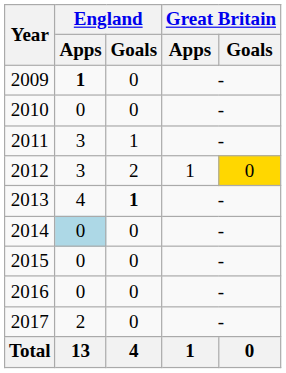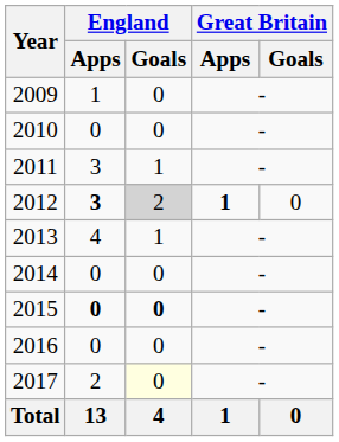 <table class="wikitable" style="text-align:center">
 <tr>
 <th rowspan=2>Year</th>
 <th colspan=2><a href='#'>England</a></th>
 <th colspan=2><a href='#'>Great Britain</a></th>
 </tr>
 <tr>
 <th>Apps</th>
 <th>Goals</th>
 <th>Apps</th>
 <th>Goals</th>
 </tr>
 <tr>
 <td>2009</td>
-<td><strong>1</strong></td>
+<td>1</td>
 <td>0</td>
 <td colspan="2">-</td>
 </tr>
 <tr>
 <td>2010</td>
 <td>0</td>
 <td>0</td>
 <td colspan="2">-</td>
 </tr>
 <tr>
 <td>2011</td>
 <td>3</td>
 <td>1</td>
 <td colspan="2">-</td>
 </tr>
 <tr>
 <td>2012</td>
-<td>3</td>
-<td>2</td>
-<td>1</td>
-<td style="background: gold;">0</td>
+<td><strong>3</strong></td>
+<td style="background: lightgrey;">2</td>
+<td><strong>1</strong></td>
+<td>0</td>
 </tr>
 <tr>
 <td>2013</td>
 <td>4</td>
-<td><strong>1</strong></td>
+<td>1</td>
 <td colspan="2">-</td>
 </tr>
 <tr>
 <td>2014</td>
-<td style="background: lightblue;">0</td>
+<td>0</td>
 <td>0</td>
 <td colspan="2">-</td>
 </tr>
 <tr>
 <td>2015</td>
-<td>0</td>
-<td>0</td>
+<td><strong>0</strong></td>
+<td><strong>0</strong></td>
 <td colspan="2">-</td>
 </tr>
 <tr>
 <td>2016</td>
 <td>0</td>
 <td>0</td>
 <td colspan="2">-</td>
 </tr>
 <tr>
 <td>2017</td>
 <td>2</td>
-<td>0</td>
+<td style="background: lightyellow;">0</td>
 <td colspan="2">-</td>
 </tr>
 <tr>
 <th>Total</th>
 <th>13</th>
 <th>4</th>
 <th>1</th>
 <th>0</th>
 </tr>
 </table>
